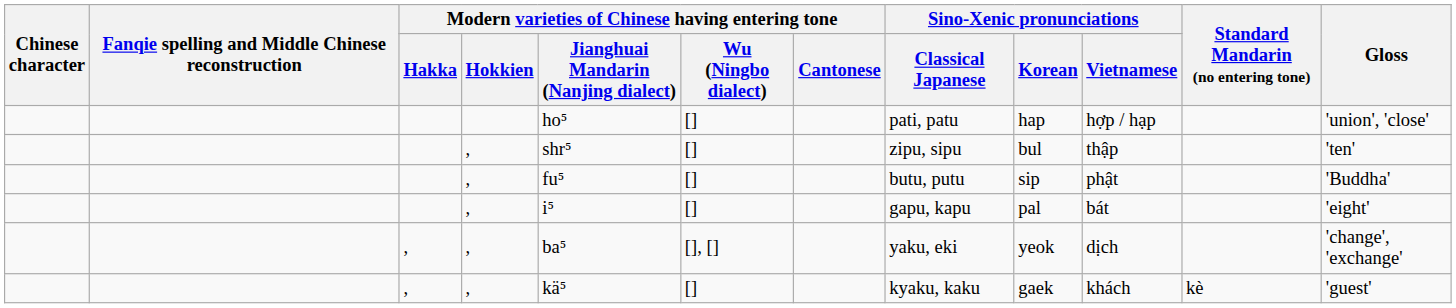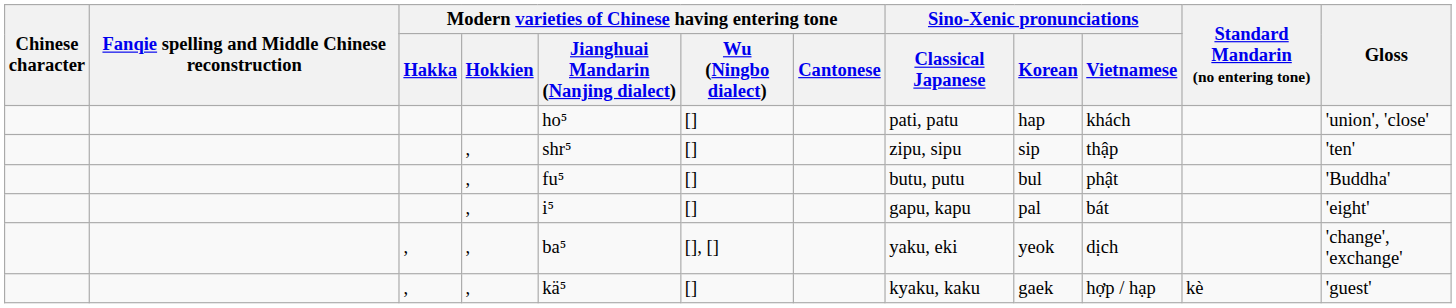 <table class="wikitable">
 <tr>
 <th rowspan=2>Chinese<br>character</th>
 <th rowspan=2><a href='#'>Fanqie</a> spelling and Middle Chinese reconstruction</th>
 <th colspan=5>Modern <a href='#'>varieties of Chinese</a> having entering tone</th>
 <th colspan=3><a href='#'>Sino-Xenic pronunciations</a></th>
 <th rowspan=2><a href='#'>Standard Mandarin</a><br><small>(no entering tone)</small></th>
 <th rowspan=2>Gloss</th>
 </tr>
 <tr>
 <th><a href='#'>Hakka</a></th>
 <th><a href='#'>Hokkien</a></th>
 <th><a href='#'>Jianghuai Mandarin</a><br>(<a href='#'>Nanjing dialect</a>)</th>
 <th><a href='#'>Wu</a><br>(<a href='#'>Ningbo dialect</a>)</th>
 <th><a href='#'>Cantonese</a></th>
 <th><a href='#'>Classical Japanese</a></th>
 <th><a href='#'>Korean</a><br></th>
 <th><a href='#'>Vietnamese</a><br></th>
 </tr>
 <tr>
 <td></td>
 <td> </td>
 <td></td>
 <td></td>
 <td>ho⁵ </td>
 <td>[]</td>
 <td></td>
 <td> pati,  patu</td>
 <td> hap</td>
-<td>hợp / hạp</td>
+<td>khách</td>
 <td> </td>
 <td>'union', 'close'</td>
 </tr>
 <tr>
 <td></td>
 <td> </td>
 <td></td>
 <td>, </td>
 <td>shr⁵ </td>
 <td>[]</td>
 <td></td>
 <td> zipu,  sipu</td>
-<td> bul</td>
+<td> sip</td>
 <td>thập</td>
 <td> </td>
 <td>'ten'</td>
 </tr>
 <tr>
 <td></td>
 <td> </td>
 <td></td>
 <td>, </td>
 <td>fu⁵ </td>
 <td>[]</td>
 <td></td>
 <td> butu,  putu</td>
-<td> sip</td>
+<td> bul</td>
 <td>phật</td>
 <td> </td>
 <td>'Buddha'</td>
 </tr>
 <tr>
 <td></td>
 <td> </td>
 <td></td>
 <td>, </td>
 <td>i⁵ </td>
 <td>[]</td>
 <td></td>
 <td> gapu,  kapu</td>
 <td> pal</td>
 <td>bát</td>
 <td> </td>
 <td>'eight'</td>
 </tr>
 <tr>
 <td></td>
 <td> </td>
 <td>, </td>
 <td>, </td>
 <td>ba⁵ </td>
 <td>[], []</td>
 <td></td>
 <td> yaku,  eki</td>
 <td> yeok</td>
 <td>dịch</td>
 <td> </td>
 <td>'change', 'exchange'</td>
 </tr>
 <tr>
 <td></td>
 <td> </td>
 <td>,</td>
 <td>, </td>
 <td>kä⁵ </td>
 <td>[]</td>
 <td></td>
 <td> kyaku,  kaku</td>
 <td> gaek</td>
-<td>khách</td>
+<td>hợp / hạp</td>
 <td>kè </td>
 <td>'guest'</td>
 </tr>
 </table>
